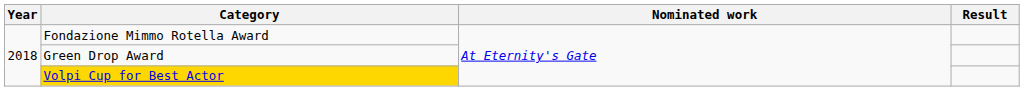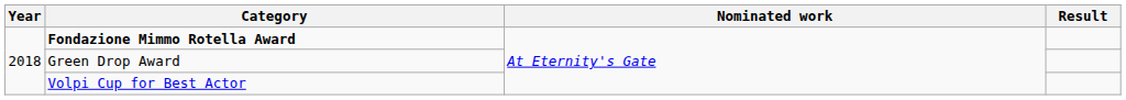 <table class=wikitable>
 <tr>
 <th scope="col" style="width:1em;">Year</th>
 <th scope="col" style="width:33em;">Category</th>
 <th scope="col" style="width:39em;">Nominated work</th>
 <th scope="col" style="width:5em;">Result</th>
 </tr>
 <tr>
 <td rowspan="3">2018</td>
-<td>Fondazione Mimmo Rotella Award</td>
+<td><strong>Fondazione Mimmo Rotella Award</strong></td>
 <td rowspan="3"><em><a href='#'>At Eternity's Gate</a></em></td>
 <td></td>
 </tr>
 <tr>
 <td>Green Drop Award</td>
 <td></td>
 </tr>
 <tr>
-<td style="background: gold;"><a href='#'>Volpi Cup for Best Actor</a></td>
+<td><a href='#'>Volpi Cup for Best Actor</a></td>
 <td></td>
 </tr>
 </table>
